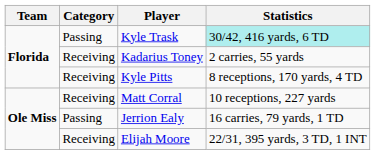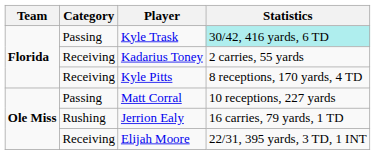 <table class="wikitable" style="float: right;">
 <tr>
 <th>Team</th>
 <th>Category</th>
 <th>Player</th>
 <th>Statistics</th>
 </tr>
 <tr>
 <td rowspan=3><strong>Florida</strong></td>
 <td>Passing</td>
 <td><a href='#'>Kyle Trask</a></td>
 <td style="background: paleturquoise;">30/42, 416 yards, 6 TD</td>
 </tr>
 <tr>
 <td>Receiving</td>
 <td><a href='#'>Kadarius Toney</a></td>
 <td>2 carries, 55 yards</td>
 </tr>
 <tr>
 <td>Receiving</td>
 <td><a href='#'>Kyle Pitts</a></td>
 <td>8 receptions, 170 yards, 4 TD</td>
 </tr>
 <tr>
 <td rowspan=3><strong>Ole Miss</strong></td>
-<td>Receiving</td>
+<td>Passing</td>
 <td><a href='#'>Matt Corral</a></td>
 <td>10 receptions, 227 yards</td>
 </tr>
 <tr>
-<td>Passing</td>
+<td>Rushing</td>
 <td><a href='#'>Jerrion Ealy</a></td>
 <td>16 carries, 79 yards, 1 TD</td>
 </tr>
 <tr>
 <td>Receiving</td>
 <td><a href='#'>Elijah Moore</a></td>
 <td>22/31, 395 yards, 3 TD, 1 INT</td>
 </tr>
 </table>
